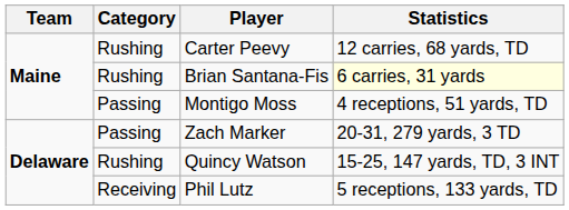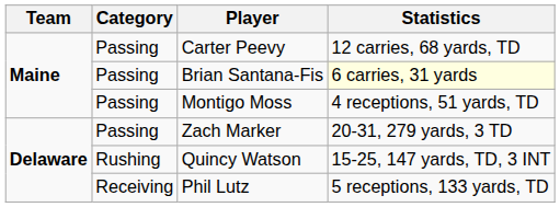 <table class="wikitable" style="float: right;">
 <tr>
 <th>Team</th>
 <th>Category</th>
 <th>Player</th>
 <th>Statistics</th>
 </tr>
 <tr>
 <td rowspan=3><strong>Maine</strong></td>
-<td>Rushing</td>
+<td>Passing</td>
 <td>Carter Peevy</td>
 <td>12 carries, 68 yards, TD</td>
 </tr>
 <tr>
-<td>Rushing</td>
+<td>Passing</td>
 <td>Brian Santana-Fis</td>
 <td style="background: lightyellow;">6 carries, 31 yards</td>
 </tr>
 <tr>
 <td>Passing</td>
 <td>Montigo Moss</td>
 <td>4 receptions, 51 yards, TD</td>
 </tr>
 <tr>
 <td rowspan=3><strong>Delaware</strong></td>
 <td>Passing</td>
 <td>Zach Marker</td>
 <td>20-31, 279 yards, 3 TD</td>
 </tr>
 <tr>
 <td>Rushing</td>
 <td>Quincy Watson</td>
 <td>15-25, 147 yards, TD, 3 INT</td>
 </tr>
 <tr>
 <td>Receiving</td>
 <td>Phil Lutz</td>
 <td>5 receptions, 133 yards, TD</td>
 </tr>
 </table>
